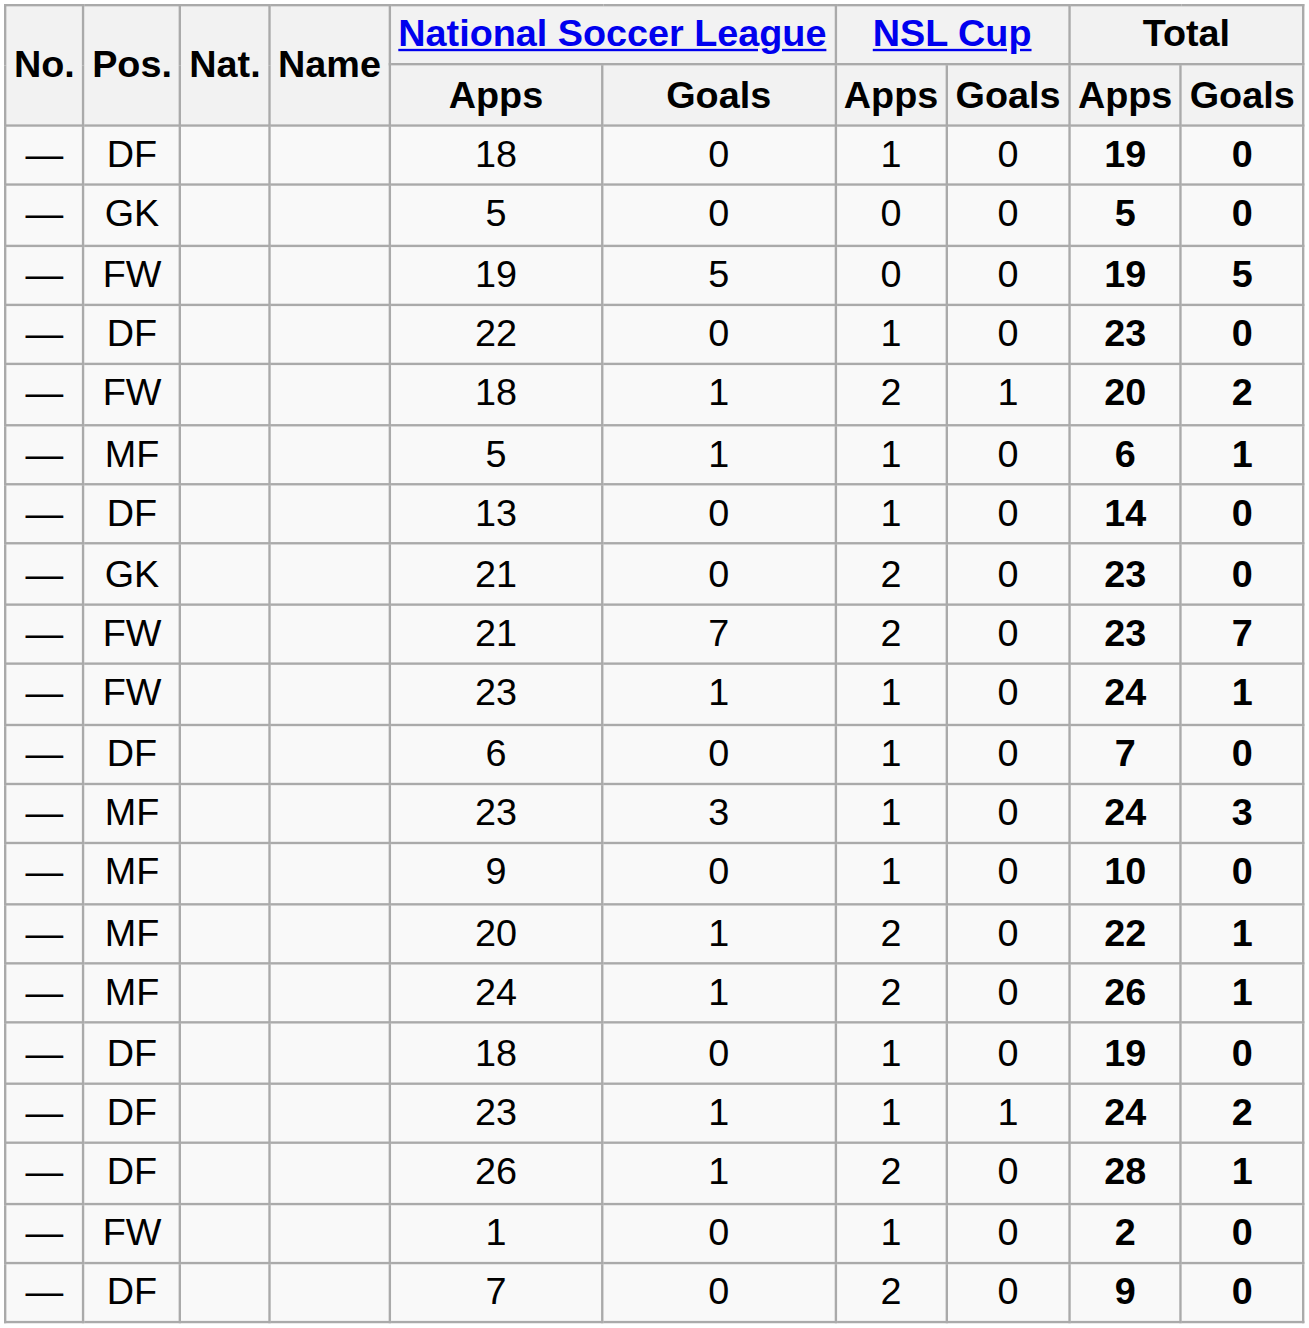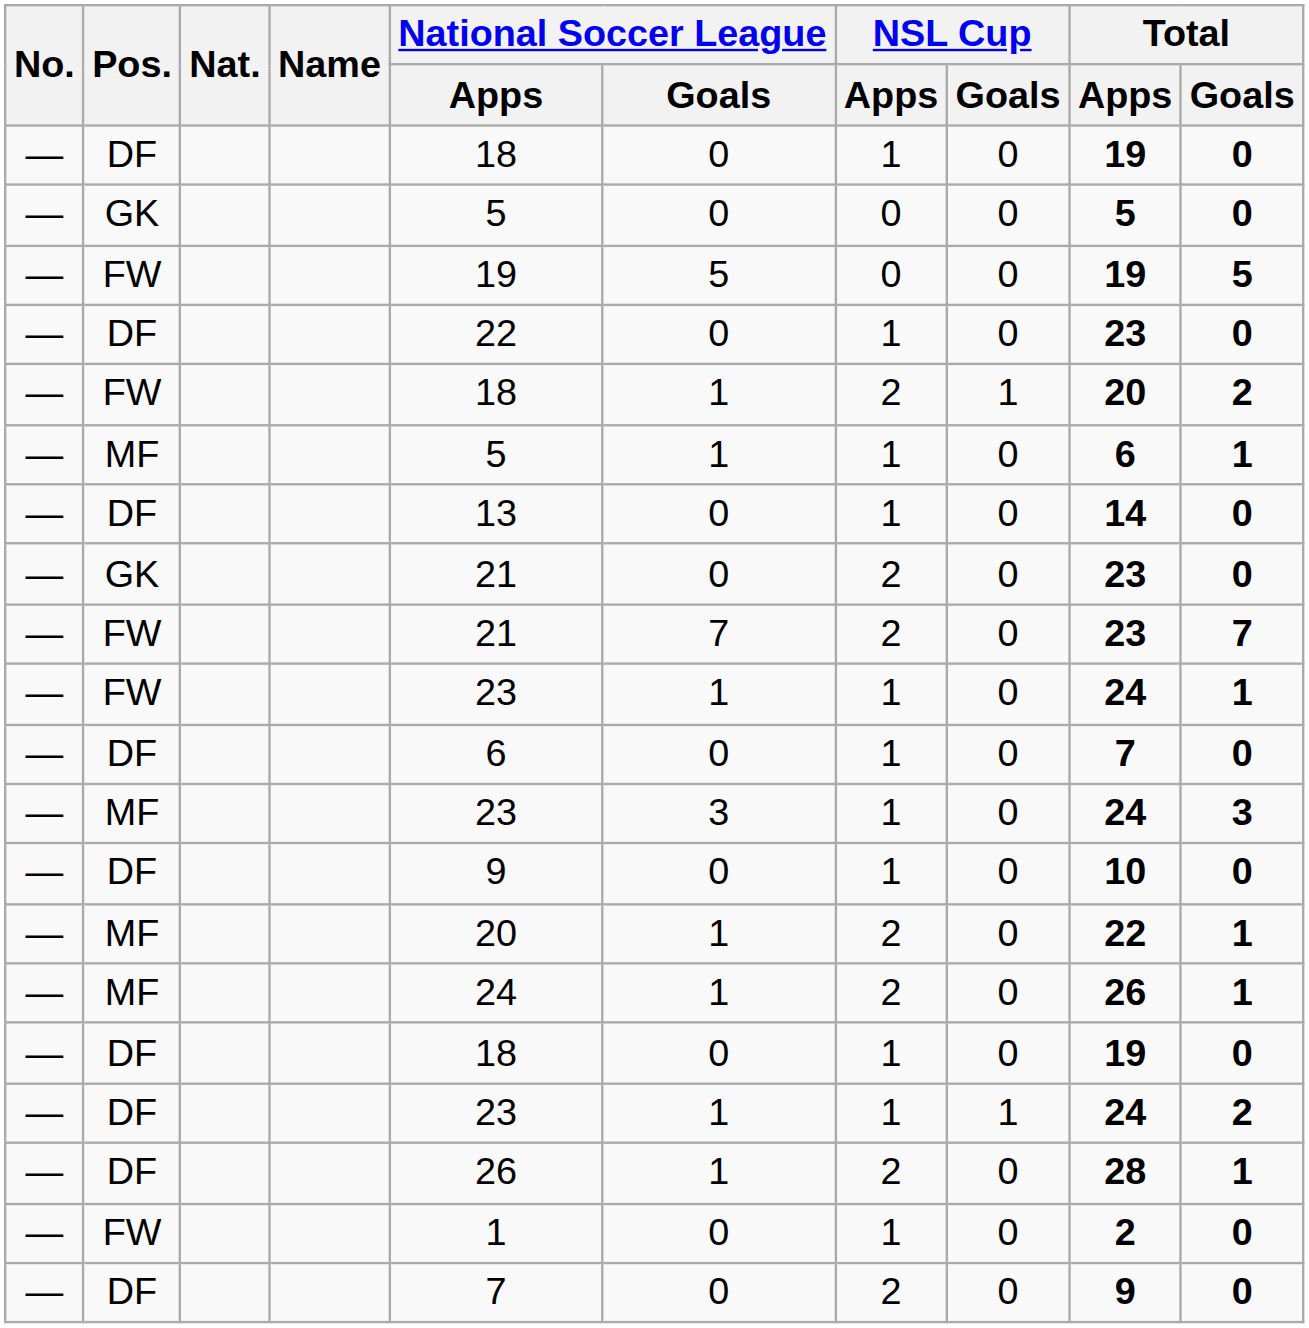 <table class="wikitable sortable" style="text-align:center">
 <tr>
 <th rowspan="2">No.</th>
 <th rowspan="2">Pos.</th>
 <th rowspan="2">Nat.</th>
 <th rowspan="2">Name</th>
 <th colspan="2"><a href='#'>National Soccer League</a></th>
 <th colspan="2"><a href='#'>NSL Cup</a></th>
 <th colspan="2">Total</th>
 </tr>
 <tr>
 <th>Apps</th>
 <th>Goals</th>
 <th>Apps</th>
 <th>Goals</th>
 <th>Apps</th>
 <th>Goals</th>
 </tr>
 <tr>
 <td>—</td>
 <td>DF</td>
 <td></td>
 <td align=left></td>
 <td>18</td>
 <td>0</td>
 <td>1</td>
 <td>0</td>
 <td><strong>19</strong></td>
 <td><strong>0</strong></td>
 </tr>
 <tr>
 <td>—</td>
 <td>GK</td>
 <td></td>
 <td align=left></td>
 <td>5</td>
 <td>0</td>
 <td>0</td>
 <td>0</td>
 <td><strong>5</strong></td>
 <td><strong>0</strong></td>
 </tr>
 <tr>
 <td>—</td>
 <td>FW</td>
 <td></td>
 <td align=left></td>
 <td>19</td>
 <td>5</td>
 <td>0</td>
 <td>0</td>
 <td><strong>19</strong></td>
 <td><strong>5</strong></td>
 </tr>
 <tr>
 <td>—</td>
 <td>DF</td>
 <td></td>
 <td align=left></td>
 <td>22</td>
 <td>0</td>
 <td>1</td>
 <td>0</td>
 <td><strong>23</strong></td>
 <td><strong>0</strong></td>
 </tr>
 <tr>
 <td>—</td>
 <td>FW</td>
 <td></td>
 <td align=left></td>
 <td>18</td>
 <td>1</td>
 <td>2</td>
 <td>1</td>
 <td><strong>20</strong></td>
 <td><strong>2</strong></td>
 </tr>
 <tr>
 <td>—</td>
 <td>MF</td>
 <td></td>
 <td align=left></td>
 <td>5</td>
 <td>1</td>
 <td>1</td>
 <td>0</td>
 <td><strong>6</strong></td>
 <td><strong>1</strong></td>
 </tr>
 <tr>
 <td>—</td>
 <td>DF</td>
 <td></td>
 <td align=left></td>
 <td>13</td>
 <td>0</td>
 <td>1</td>
 <td>0</td>
 <td><strong>14</strong></td>
 <td><strong>0</strong></td>
 </tr>
 <tr>
 <td>—</td>
 <td>GK</td>
 <td></td>
 <td align=left></td>
 <td>21</td>
 <td>0</td>
 <td>2</td>
 <td>0</td>
 <td><strong>23</strong></td>
 <td><strong>0</strong></td>
 </tr>
 <tr>
 <td>—</td>
 <td>FW</td>
 <td></td>
 <td align=left></td>
 <td>21</td>
 <td>7</td>
 <td>2</td>
 <td>0</td>
 <td><strong>23</strong></td>
 <td><strong>7</strong></td>
 </tr>
 <tr>
 <td>—</td>
 <td>FW</td>
 <td></td>
 <td align=left></td>
 <td>23</td>
 <td>1</td>
 <td>1</td>
 <td>0</td>
 <td><strong>24</strong></td>
 <td><strong>1</strong></td>
 </tr>
 <tr>
 <td>—</td>
 <td>DF</td>
 <td></td>
 <td align=left></td>
 <td>6</td>
 <td>0</td>
 <td>1</td>
 <td>0</td>
 <td><strong>7</strong></td>
 <td><strong>0</strong></td>
 </tr>
 <tr>
 <td>—</td>
 <td>MF</td>
 <td></td>
 <td align=left></td>
 <td>23</td>
 <td>3</td>
 <td>1</td>
 <td>0</td>
 <td><strong>24</strong></td>
 <td><strong>3</strong></td>
 </tr>
 <tr>
 <td>—</td>
-<td>MF</td>
+<td>DF</td>
 <td></td>
 <td align=left></td>
 <td>9</td>
 <td>0</td>
 <td>1</td>
 <td>0</td>
 <td><strong>10</strong></td>
 <td><strong>0</strong></td>
 </tr>
 <tr>
 <td>—</td>
 <td>MF</td>
 <td></td>
 <td align=left></td>
 <td>20</td>
 <td>1</td>
 <td>2</td>
 <td>0</td>
 <td><strong>22</strong></td>
 <td><strong>1</strong></td>
 </tr>
 <tr>
 <td>—</td>
 <td>MF</td>
 <td></td>
 <td align=left></td>
 <td>24</td>
 <td>1</td>
 <td>2</td>
 <td>0</td>
 <td><strong>26</strong></td>
 <td><strong>1</strong></td>
 </tr>
 <tr>
 <td>—</td>
 <td>DF</td>
 <td></td>
 <td align=left></td>
 <td>18</td>
 <td>0</td>
 <td>1</td>
 <td>0</td>
 <td><strong>19</strong></td>
 <td><strong>0</strong></td>
 </tr>
 <tr>
 <td>—</td>
 <td>DF</td>
 <td></td>
 <td align=left></td>
 <td>23</td>
 <td>1</td>
 <td>1</td>
 <td>1</td>
 <td><strong>24</strong></td>
 <td><strong>2</strong></td>
 </tr>
 <tr>
 <td>—</td>
 <td>DF</td>
 <td></td>
 <td align=left></td>
 <td>26</td>
 <td>1</td>
 <td>2</td>
 <td>0</td>
 <td><strong>28</strong></td>
 <td><strong>1</strong></td>
 </tr>
 <tr>
 <td>—</td>
 <td>FW</td>
 <td></td>
 <td align=left></td>
 <td>1</td>
 <td>0</td>
 <td>1</td>
 <td>0</td>
 <td><strong>2</strong></td>
 <td><strong>0</strong></td>
 </tr>
 <tr>
 <td>—</td>
 <td>DF</td>
 <td></td>
 <td align=left></td>
 <td>7</td>
 <td>0</td>
 <td>2</td>
 <td>0</td>
 <td><strong>9</strong></td>
 <td><strong>0</strong></td>
 </tr>
 </table>
